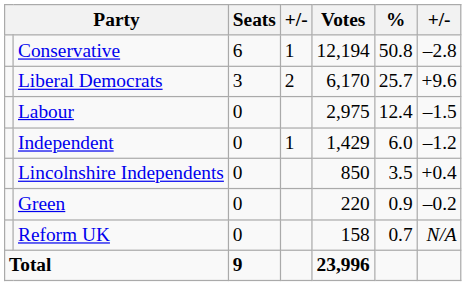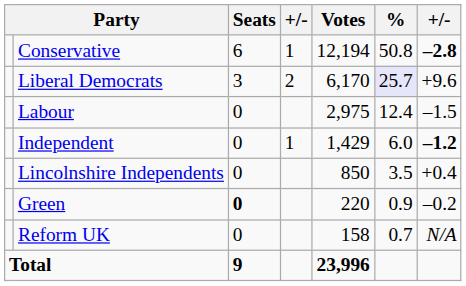 <table class="wikitable sortable">
 <tr>
 <th colspan="2">Party</th>
 <th>Seats</th>
 <th>+/-</th>
 <th>Votes</th>
 <th>%</th>
 <th>+/-</th>
 </tr>
 <tr>
 <td style="background-color: "></td>
 <td><a href='#'>Conservative</a></td>
 <td>6</td>
 <td> 1</td>
 <td style="text-align:right;">12,194</td>
 <td style="text-align:right;">50.8</td>
-<td style="text-align:right;">–2.8</td>
+<td style="text-align:right;"><strong>–2.8</strong></td>
 </tr>
 <tr>
 <td style="background-color: "></td>
 <td><a href='#'>Liberal Democrats</a></td>
 <td>3</td>
 <td> 2</td>
 <td style="text-align:right;">6,170</td>
-<td style="text-align:right;">25.7</td>
+<td style="background: lavender; text-align:right;">25.7</td>
 <td style="text-align:right;">+9.6</td>
 </tr>
 <tr>
 <td style="background-color: "></td>
 <td><a href='#'>Labour</a></td>
 <td>0</td>
 <td></td>
 <td style="text-align:right;">2,975</td>
 <td style="text-align:right;">12.4</td>
 <td style="text-align:right;">–1.5</td>
 </tr>
 <tr>
 <td style="background-color: "></td>
 <td><a href='#'>Independent</a></td>
 <td>0</td>
 <td> 1</td>
 <td style="text-align:right;">1,429</td>
 <td style="text-align:right;">6.0</td>
-<td style="text-align:right;">–1.2</td>
+<td style="text-align:right;"><strong>–1.2</strong></td>
 </tr>
 <tr>
 <td style="background-color: "></td>
 <td><a href='#'>Lincolnshire Independents</a></td>
 <td>0</td>
 <td></td>
 <td style="text-align:right;">850</td>
 <td style="text-align:right;">3.5</td>
 <td style="text-align:right;">+0.4</td>
 </tr>
 <tr>
 <td style="background-color: "></td>
 <td><a href='#'>Green</a></td>
-<td>0</td>
+<td><strong>0</strong></td>
 <td></td>
 <td style="text-align:right;">220</td>
 <td style="text-align:right;">0.9</td>
 <td style="text-align:right;">–0.2</td>
 </tr>
 <tr>
 <td style="background-color: "></td>
 <td><a href='#'>Reform UK</a></td>
 <td>0</td>
 <td></td>
 <td style="text-align:right;">158</td>
 <td style="text-align:right;">0.7</td>
 <td style="text-align:right;"><em>N/A</em></td>
 </tr>
 <tr>
 <td colspan="2"><strong>Total</strong></td>
 <td><strong>9</strong></td>
 <td></td>
 <td style="text-align:right;"><strong>23,996</strong></td>
 <td style="text-align:right;"></td>
 <td style="text-align:right;"></td>
 </tr>
 </table>
